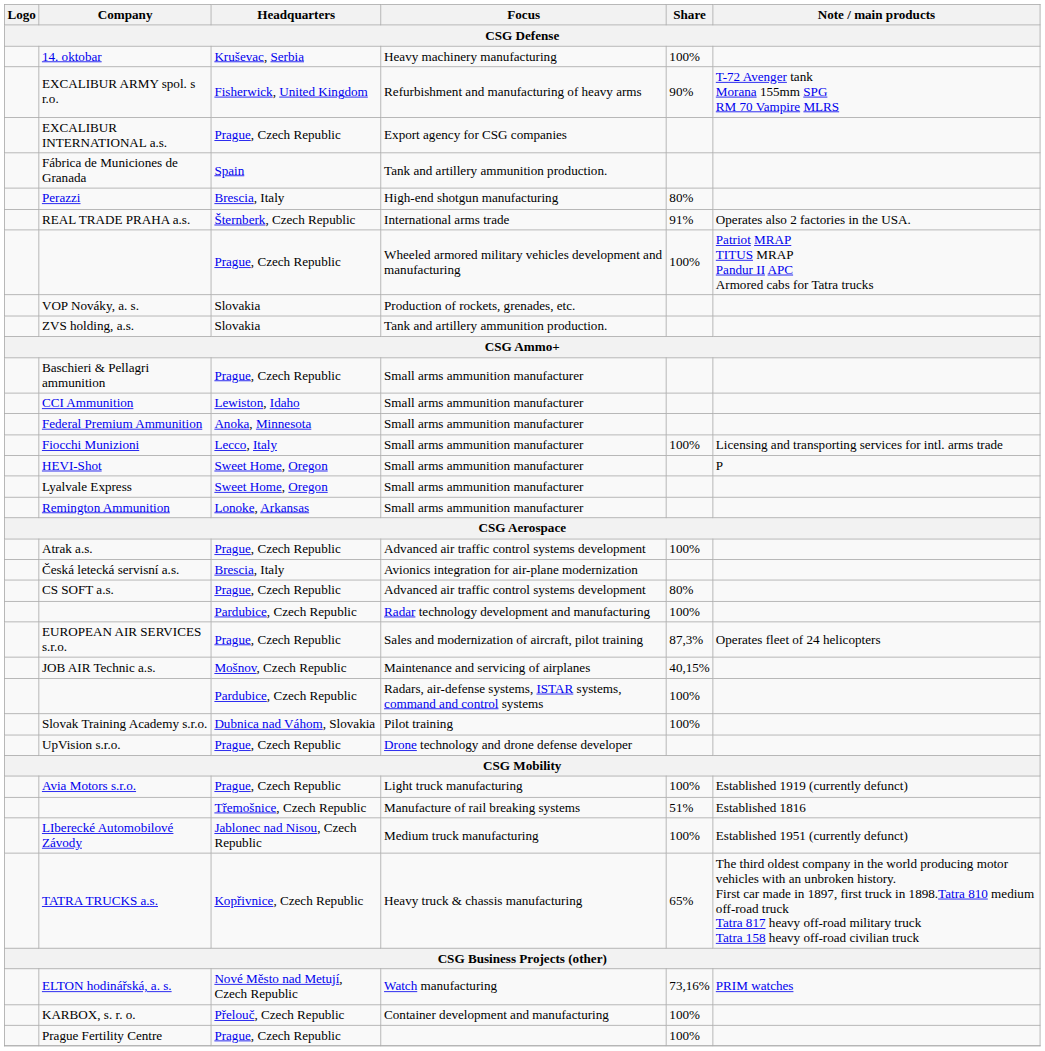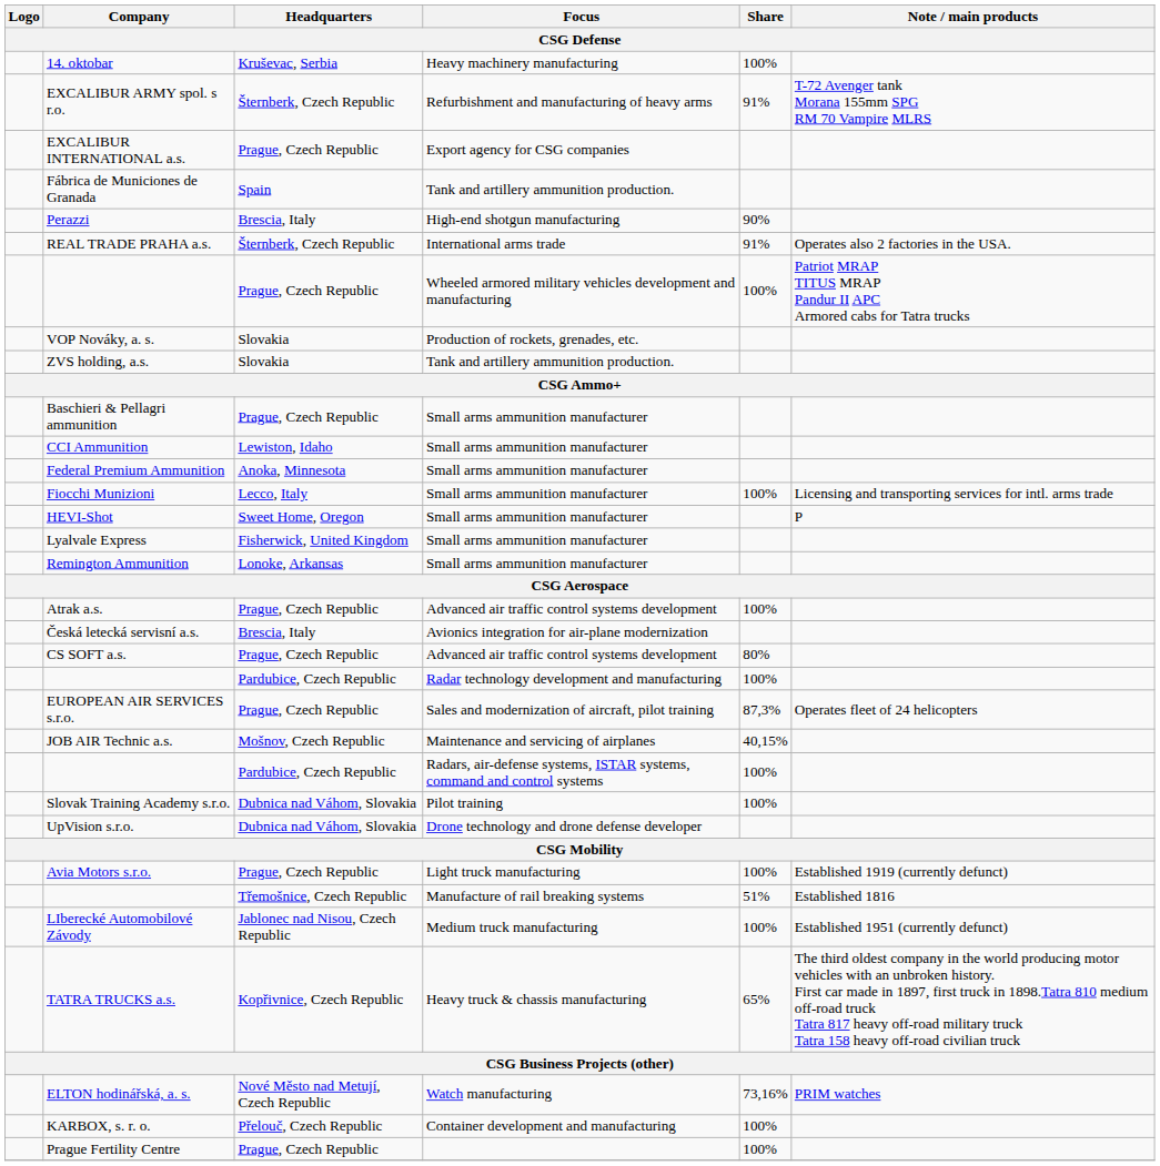 <table class=wikitable border="0" width="100%">
 <tr>
 <th>Logo</th>
 <th>Company</th>
 <th>Headquarters</th>
 <th>Focus</th>
 <th>Share</th>
 <th>Note / main products</th>
 </tr>
 <tr>
 <th colspan="6" style="align: center;">CSG Defense</th>
 </tr>
 <tr>
 <td></td>
 <td><a href='#'>14. oktobar</a></td>
 <td><a href='#'>Kruševac</a>, <a href='#'>Serbia</a></td>
 <td>Heavy machinery manufacturing</td>
 <td>100%</td>
 <td></td>
 </tr>
 <tr>
 <td></td>
 <td>EXCALIBUR ARMY spol. s r.o.</td>
-<td><a href='#'>Fisherwick</a>, <a href='#'>United Kingdom</a></td>
+<td><a href='#'>Šternberk</a>, Czech Republic</td>
 <td>Refurbishment and manufacturing of heavy arms</td>
-<td>90%</td>
+<td>91%</td>
 <td><a href='#'>T-72 Avenger</a> tank<br><a href='#'>Morana</a> 155mm <a href='#'>SPG</a><br><a href='#'>RM 70 Vampire</a> <a href='#'>MLRS</a><br></td>
 </tr>
 <tr>
 <td></td>
 <td>EXCALIBUR INTERNATIONAL a.s.</td>
 <td><a href='#'>Prague</a>, Czech Republic</td>
 <td>Export agency for CSG companies</td>
 <td></td>
 <td></td>
 </tr>
 <tr>
 <td></td>
 <td>Fábrica de Municiones de Granada</td>
 <td><a href='#'>Spain</a></td>
 <td>Tank and artillery ammunition production.</td>
 <td></td>
 <td></td>
 </tr>
 <tr>
 <td></td>
 <td><a href='#'>Perazzi</a></td>
 <td><a href='#'>Brescia</a>, Italy</td>
 <td>High-end shotgun manufacturing</td>
-<td>80%</td>
+<td>90%</td>
 <td></td>
 </tr>
 <tr>
 <td></td>
 <td>REAL TRADE PRAHA a.s.</td>
 <td><a href='#'>Šternberk</a>, Czech Republic</td>
 <td>International arms trade</td>
 <td>91%</td>
 <td>Operates also 2 factories in the USA.</td>
 </tr>
 <tr>
 <td></td>
 <td></td>
 <td><a href='#'>Prague</a>, Czech Republic</td>
 <td>Wheeled armored military vehicles development and manufacturing</td>
 <td>100%</td>
 <td><a href='#'>Patriot</a> <a href='#'>MRAP</a><br><a href='#'>TITUS</a> MRAP<br><a href='#'>Pandur II</a> <a href='#'>APC</a><br>Armored cabs for Tatra trucks</td>
 </tr>
 <tr>
 <td></td>
 <td>VOP Nováky, a. s.</td>
 <td>Slovakia</td>
 <td>Production of rockets, grenades, etc.</td>
 <td></td>
 <td></td>
 </tr>
 <tr>
 <td></td>
 <td>ZVS holding, a.s.</td>
 <td>Slovakia</td>
 <td>Tank and artillery ammunition production.</td>
 <td></td>
 <td></td>
 </tr>
 <tr>
 <th colspan="6" style="align: center;">CSG Ammo+</th>
 </tr>
 <tr>
 <td></td>
 <td>Baschieri & Pellagri ammunition</td>
 <td><a href='#'>Prague</a>, Czech Republic</td>
 <td>Small arms ammunition manufacturer</td>
 <td></td>
 <td></td>
 </tr>
 <tr>
 <td></td>
 <td><a href='#'>CCI Ammunition</a></td>
 <td><a href='#'>Lewiston</a>, <a href='#'>Idaho</a></td>
 <td>Small arms ammunition manufacturer</td>
 <td></td>
 <td></td>
 </tr>
 <tr>
 <td></td>
 <td><a href='#'>Federal Premium Ammunition</a></td>
 <td><a href='#'>Anoka</a>, <a href='#'>Minnesota</a></td>
 <td>Small arms ammunition manufacturer</td>
 <td></td>
 <td></td>
 </tr>
 <tr>
 <td></td>
 <td><a href='#'>Fiocchi Munizioni</a></td>
 <td><a href='#'>Lecco</a>, <a href='#'>Italy</a></td>
 <td>Small arms ammunition manufacturer</td>
 <td>100%</td>
 <td>Licensing and transporting services for intl. arms trade</td>
 </tr>
 <tr>
 <td></td>
 <td><a href='#'>HEVI-Shot</a></td>
 <td><a href='#'>Sweet Home</a>, <a href='#'>Oregon</a></td>
 <td>Small arms ammunition manufacturer</td>
 <td></td>
 <td>P</td>
 </tr>
 <tr>
 <td></td>
 <td>Lyalvale Express</td>
-<td><a href='#'>Sweet Home</a>, <a href='#'>Oregon</a></td>
+<td><a href='#'>Fisherwick</a>, <a href='#'>United Kingdom</a></td>
 <td>Small arms ammunition manufacturer</td>
 <td></td>
 <td></td>
 </tr>
 <tr>
 <td></td>
 <td><a href='#'>Remington Ammunition</a></td>
 <td><a href='#'>Lonoke</a>, <a href='#'>Arkansas</a></td>
 <td>Small arms ammunition manufacturer</td>
 <td></td>
 <td></td>
 </tr>
 <tr>
 <th colspan="6" style="align: center;">CSG Aerospace</th>
 </tr>
 <tr>
 <td></td>
 <td>Atrak a.s.</td>
 <td><a href='#'>Prague</a>, Czech Republic</td>
 <td>Advanced air traffic control systems development</td>
 <td>100%</td>
 <td></td>
 </tr>
 <tr>
 <td></td>
 <td>Česká letecká servisní a.s.</td>
 <td><a href='#'>Brescia</a>, Italy</td>
 <td>Avionics integration for air-plane modernization</td>
 <td></td>
 <td></td>
 </tr>
 <tr>
 <td></td>
 <td>CS SOFT a.s.</td>
 <td><a href='#'>Prague</a>, Czech Republic</td>
 <td>Advanced air traffic control systems development</td>
 <td>80%</td>
 <td></td>
 </tr>
 <tr>
 <td></td>
 <td></td>
 <td><a href='#'>Pardubice</a>, Czech Republic</td>
 <td><a href='#'>Radar</a> technology development and manufacturing</td>
 <td>100%</td>
 <td></td>
 </tr>
 <tr>
 <td></td>
 <td>EUROPEAN AIR SERVICES s.r.o.</td>
 <td><a href='#'>Prague</a>, Czech Republic</td>
 <td>Sales and modernization of aircraft, pilot training</td>
 <td>87,3%</td>
 <td>Operates fleet of 24 helicopters</td>
 </tr>
 <tr>
 <td></td>
 <td>JOB AIR Technic a.s.</td>
 <td><a href='#'>Mošnov</a>, Czech Republic</td>
 <td>Maintenance and servicing of airplanes</td>
 <td>40,15%</td>
 <td></td>
 </tr>
 <tr>
 <td></td>
 <td></td>
 <td><a href='#'>Pardubice</a>, Czech Republic</td>
 <td>Radars, air-defense systems, <a href='#'>ISTAR</a> systems, <a href='#'>command and control</a> systems</td>
 <td>100%</td>
 <td></td>
 </tr>
 <tr>
 <td></td>
 <td>Slovak Training Academy s.r.o.</td>
 <td><a href='#'>Dubnica nad Váhom</a>, Slovakia</td>
 <td>Pilot training</td>
 <td>100%</td>
 <td></td>
 </tr>
 <tr>
 <td></td>
 <td>UpVision s.r.o.</td>
-<td><a href='#'>Prague</a>, Czech Republic</td>
+<td><a href='#'>Dubnica nad Váhom</a>, Slovakia</td>
 <td><a href='#'>Drone</a> technology and drone defense developer</td>
 <td></td>
 <td></td>
 </tr>
 <tr>
 <th ! colspan="6" style="align: center;">CSG Mobility</th>
 </tr>
 <tr>
 <td></td>
 <td><a href='#'>Avia Motors s.r.o.</a></td>
 <td><a href='#'>Prague</a>, Czech Republic</td>
 <td>Light truck manufacturing</td>
 <td>100%</td>
 <td>Established 1919 (currently defunct)</td>
 </tr>
 <tr>
 <td></td>
 <td></td>
 <td><a href='#'>Třemošnice</a>, Czech Republic</td>
 <td>Manufacture of rail breaking systems</td>
 <td>51%</td>
 <td>Established 1816</td>
 </tr>
 <tr>
 <td></td>
 <td><a href='#'>LIberecké Automobilové Závody</a></td>
 <td><a href='#'>Jablonec nad Nisou</a>, Czech Republic</td>
 <td>Medium truck manufacturing</td>
 <td>100%</td>
 <td>Established 1951 (currently defunct)</td>
 </tr>
 <tr>
 <td></td>
 <td><a href='#'>TATRA TRUCKS a.s.</a></td>
 <td><a href='#'>Kopřivnice</a>, Czech Republic</td>
 <td>Heavy truck & chassis manufacturing</td>
 <td>65%</td>
 <td>The third oldest company in the world producing motor vehicles with an unbroken history.<br>First car made in 1897, first truck in 1898.<a href='#'>Tatra 810</a> medium off-road truck<br><a href='#'>Tatra 817</a> heavy off-road military truck<br><a href='#'>Tatra 158</a> heavy off-road civilian truck</td>
 </tr>
 <tr>
 <th ! colspan="6" style="align: center;">CSG Business Projects (other)</th>
 </tr>
 <tr>
 <td></td>
 <td><a href='#'>ELTON hodinářská, a. s.</a></td>
 <td><a href='#'>Nové Město nad Metují</a>, Czech Republic</td>
 <td><a href='#'>Watch</a> manufacturing</td>
 <td>73,16%</td>
 <td><a href='#'>PRIM watches</a></td>
 </tr>
 <tr>
 <td></td>
 <td>KARBOX, s. r. o.</td>
 <td><a href='#'>Přelouč</a>, Czech Republic</td>
 <td>Container development and manufacturing</td>
 <td>100%</td>
 <td></td>
 </tr>
 <tr>
 <td></td>
 <td>Prague Fertility Centre</td>
 <td><a href='#'>Prague</a>, Czech Republic</td>
 <td></td>
 <td>100%</td>
 <td></td>
 </tr>
 <tr>
 </tr>
 </table>
